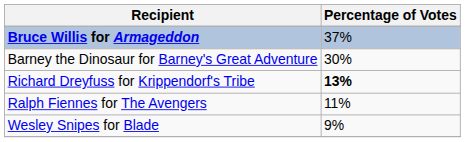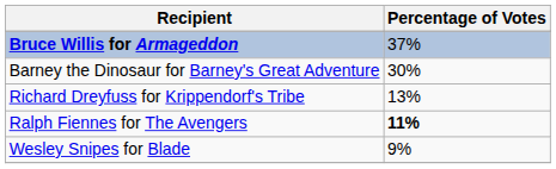 <table class="wikitable sortable plainrowheaders">
 <tr>
 <th>Recipient</th>
 <th>Percentage of Votes</th>
 </tr>
 <tr>
 </tr>
 <tr style="background:#B0C4DE;">
 <td><strong><a href='#'>Bruce Willis</a> for <em><a href='#'>Armageddon</a><strong><em></td>
 <td></strong>37%<strong></td>
 </tr>
 <tr>
 <td>Barney the Dinosaur for </em><a href='#'>Barney's Great Adventure</a><em></td>
 <td>30%</td>
 </tr>
 <tr>
 <td><a href='#'>Richard Dreyfuss</a> for </em><a href='#'>Krippendorf's Tribe</a><em></td>
-<td><strong>13%</strong></td>
+<td>13%</td>
 </tr>
 <tr>
 <td><a href='#'>Ralph Fiennes</a> for </em><a href='#'>The Avengers</a><em></td>
-<td>11%</td>
+<td><strong>11%</strong></td>
 </tr>
 <tr>
 <td><a href='#'>Wesley Snipes</a> for </em><a href='#'>Blade</a><em></td>
 <td>9%</td>
 </tr>
 <tr>
 </tr>
 </table>
